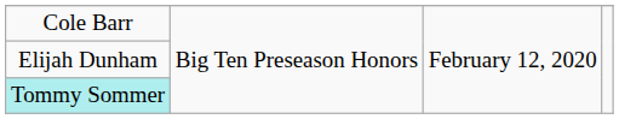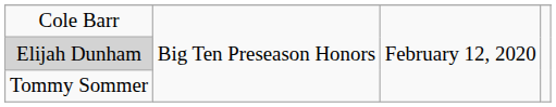 <table class="wikitable sortable" style="text-align: center">
 <tr align=center>
 </tr>
 <tr>
 <td>Cole Barr</td>
 <td rowspan="3">Big Ten Preseason Honors</td>
 <td rowspan="3">February 12, 2020</td>
 <td rowspan="3"></td>
 </tr>
 <tr>
-<td>Elijah Dunham</td>
+<td style="background: lightgrey;">Elijah Dunham</td>
 </tr>
 <tr>
-<td style="background: paleturquoise;">Tommy Sommer</td>
+<td>Tommy Sommer</td>
 </tr>
 </table>
